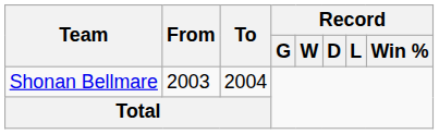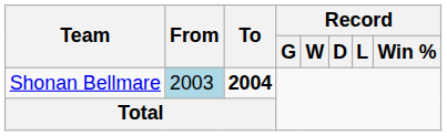 <table class="wikitable" style="text-align: center">
 <tr>
 <th rowspan="2">Team</th>
 <th rowspan="2">From</th>
 <th rowspan="2">To</th>
 <th colspan="5">Record</th>
 </tr>
 <tr>
 <th>G</th>
 <th>W</th>
 <th>D</th>
 <th>L</th>
 <th>Win %</th>
 </tr>
 <tr>
 <td align="left"><a href='#'>Shonan Bellmare</a></td>
-<td align="left">2003</td>
-<td align="left">2004<br></td>
+<td align="left" style="background: lightblue;">2003</td>
+<td align="left"><strong>2004<br></strong></td>
 </tr>
 <tr>
 <th colspan="3">Total<br></th>
 </tr>
 </table>
